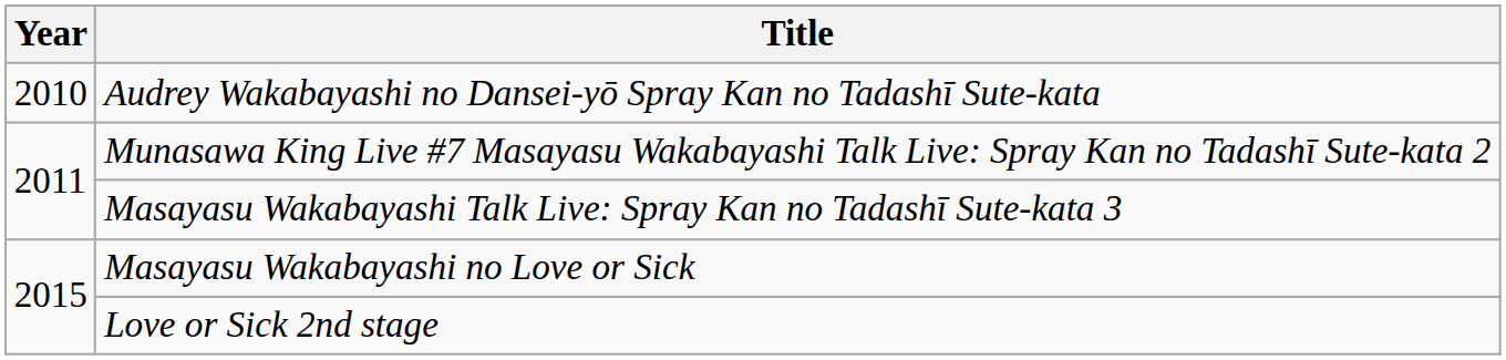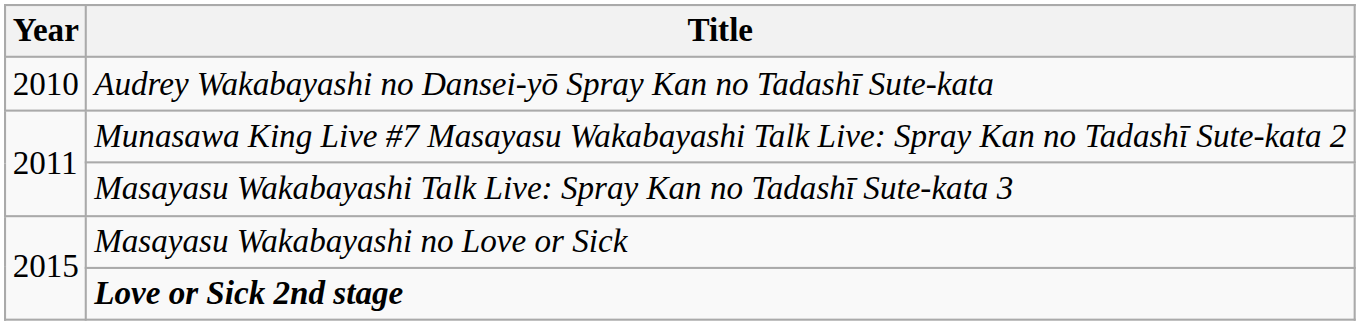 <table class="wikitable">
 <tr>
 <th>Year</th>
 <th>Title</th>
 </tr>
 <tr>
 <td>2010</td>
 <td><em>Audrey Wakabayashi no Dansei-yō Spray Kan no Tadashī Sute-kata</em></td>
 </tr>
 <tr>
 <td rowspan="2">2011</td>
 <td><em>Munasawa King Live #7 Masayasu Wakabayashi Talk Live: Spray Kan no Tadashī Sute-kata 2</em></td>
 </tr>
 <tr>
 <td><em>Masayasu Wakabayashi Talk Live: Spray Kan no Tadashī Sute-kata 3</em></td>
 </tr>
 <tr>
 <td rowspan="2">2015</td>
 <td><em>Masayasu Wakabayashi no Love or Sick</em></td>
 </tr>
 <tr>
-<td><em>Love or Sick 2nd stage</em></td>
+<td><strong><em>Love or Sick 2nd stage</em></strong></td>
 </tr>
 </table>
